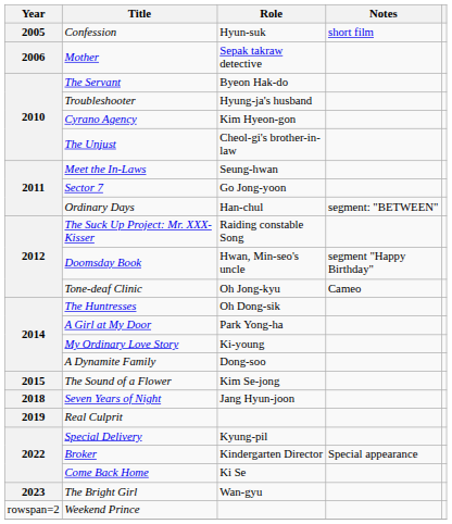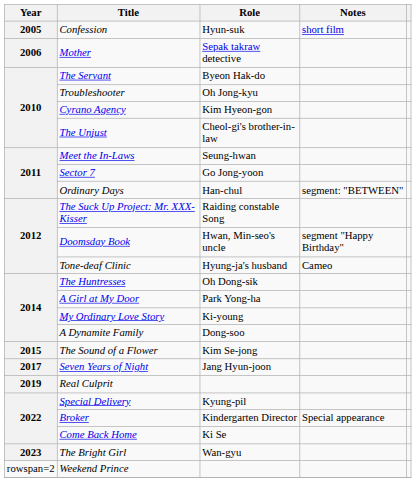 <table class="wikitable sortable plainrowheaders">
 <tr>
 <th>Year</th>
 <th>Title</th>
 <th>Role</th>
 <th scope="col" class="unsortable">Notes</th>
 <th scope="col" class="unsortable"></th>
 </tr>
 <tr>
 <th scope="row">2005</th>
 <td><em>Confession</em></td>
 <td>Hyun-suk</td>
 <td><a href='#'>short film</a></td>
 <td></td>
 </tr>
 <tr>
 <th scope="row">2006</th>
 <td><em><a href='#'>Mother</a></em></td>
 <td><a href='#'>Sepak takraw</a> detective</td>
 <td></td>
 <td></td>
 </tr>
 <tr>
 <th scope="row"  rowspan=4>2010</th>
 <td><em><a href='#'>The Servant</a></em></td>
 <td>Byeon Hak-do</td>
 <td></td>
 <td></td>
 </tr>
 <tr>
 <td><em>Troubleshooter</em></td>
-<td>Hyung-ja's husband</td>
+<td>Oh Jong-kyu</td>
 <td></td>
 <td></td>
 </tr>
 <tr>
 <td><em><a href='#'>Cyrano Agency</a></em></td>
 <td>Kim Hyeon-gon</td>
 <td></td>
 <td></td>
 </tr>
 <tr>
 <td><em><a href='#'>The Unjust</a></em></td>
 <td>Cheol-gi's brother-in-law</td>
 <td></td>
 <td></td>
 </tr>
 <tr>
 <th scope="row" rowspan=3>2011</th>
 <td><em><a href='#'>Meet the In-Laws</a></em></td>
 <td>Seung-hwan</td>
 <td></td>
 <td></td>
 </tr>
 <tr>
 <td><em><a href='#'>Sector 7</a></em></td>
 <td>Go Jong-yoon</td>
 <td></td>
 <td></td>
 </tr>
 <tr>
 <td><em>Ordinary Days</em></td>
 <td>Han-chul</td>
 <td>segment: "BETWEEN"</td>
 <td></td>
 </tr>
 <tr>
 <th scope="row" rowspan=3>2012</th>
 <td><em><a href='#'>The Suck Up Project: Mr. XXX-Kisser</a></em></td>
 <td>Raiding constable Song</td>
 <td></td>
 <td></td>
 </tr>
 <tr>
 <td><em><a href='#'>Doomsday Book</a></em></td>
 <td>Hwan, Min-seo's uncle</td>
 <td>segment "Happy Birthday"</td>
 <td></td>
 </tr>
 <tr>
 <td><em>Tone-deaf Clinic</em> </td>
-<td>Oh Jong-kyu</td>
+<td>Hyung-ja's husband</td>
 <td>Cameo</td>
 <td></td>
 </tr>
 <tr>
 <th scope="row" rowspan=4>2014</th>
 <td><em><a href='#'>The Huntresses</a></em></td>
 <td>Oh Dong-sik</td>
 <td></td>
 <td></td>
 </tr>
 <tr>
 <td><em><a href='#'>A Girl at My Door</a></em></td>
 <td>Park Yong-ha</td>
 <td></td>
 <td></td>
 </tr>
 <tr>
 <td><em><a href='#'>My Ordinary Love Story</a></em></td>
 <td>Ki-young</td>
 <td></td>
 <td></td>
 </tr>
 <tr>
 <td><em>A Dynamite Family</em></td>
 <td>Dong-soo</td>
 <td></td>
 <td></td>
 </tr>
 <tr>
 <th scope="row">2015</th>
 <td><em>The Sound of a Flower</em></td>
 <td>Kim Se-jong</td>
 <td></td>
 <td></td>
 </tr>
 <tr>
-<th scope="row">2018</th>
+<th scope="row">2017</th>
 <td><em><a href='#'>Seven Years of Night</a></em></td>
 <td>Jang Hyun-joon</td>
 <td></td>
 <td></td>
 </tr>
 <tr>
 <th scope="row">2019</th>
 <td><em>Real Culprit</em></td>
 <td></td>
 <td></td>
 <td style="text-align:center"></td>
 </tr>
 <tr>
 <th scope="row" rowspan=3>2022</th>
 <td><em><a href='#'>Special Delivery</a></em></td>
 <td>Kyung-pil</td>
 <td></td>
 <td style="text-align:center"></td>
 </tr>
 <tr>
 <td><em><a href='#'>Broker</a></em></td>
 <td>Kindergarten Director</td>
 <td>Special appearance</td>
 <td style="text-align:center"></td>
 </tr>
 <tr>
 <td><em><a href='#'>Come Back Home</a></em></td>
 <td>Ki Se</td>
 <td></td>
 <td style="text-align:center"></td>
 </tr>
 <tr>
 <th scope="row">2023</th>
 <td><em>The Bright Girl</em></td>
 <td>Wan-gyu</td>
 <td></td>
 <td style="text-align:center"></td>
 </tr>
 <tr>
 <td>rowspan=2 </td>
 <td><em>Weekend Prince</em></td>
 <td></td>
 <td></td>
 <td></td>
 </tr>
 <tr>
 </tr>
 </table>
